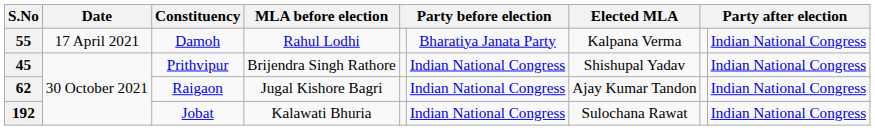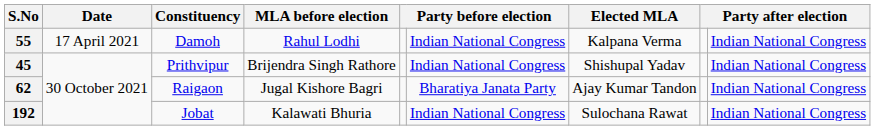 <table class="wikitable sortable" style="text-align:center;">
 <tr>
 <th>S.No</th>
 <th>Date</th>
 <th>Constituency</th>
 <th>MLA before election</th>
 <th colspan="2">Party before election</th>
 <th>Elected MLA</th>
 <th colspan="2">Party after election</th>
 </tr>
 <tr>
 <th>55</th>
 <td>17 April 2021</td>
 <td><a href='#'>Damoh</a></td>
 <td><a href='#'>Rahul Lodhi</a></td>
 <td></td>
-<td><a href='#'>Bharatiya Janata Party</a></td>
+<td><a href='#'>Indian National Congress</a></td>
 <td>Kalpana Verma</td>
 <td></td>
 <td><a href='#'>Indian National Congress</a></td>
 </tr>
 <tr>
 <th>45</th>
 <td rowspan="3">30 October 2021</td>
 <td><a href='#'>Prithvipur</a></td>
 <td>Brijendra Singh Rathore</td>
 <td></td>
 <td><a href='#'>Indian National Congress</a></td>
 <td>Shishupal Yadav</td>
 <td></td>
 <td><a href='#'>Indian National Congress</a></td>
 </tr>
 <tr>
 <th>62</th>
 <td><a href='#'>Raigaon</a></td>
 <td>Jugal Kishore Bagri</td>
 <td></td>
-<td><a href='#'>Indian National Congress</a></td>
+<td><a href='#'>Bharatiya Janata Party</a></td>
 <td>Ajay Kumar Tandon</td>
 <td></td>
 <td><a href='#'>Indian National Congress</a></td>
 </tr>
 <tr>
 <th>192</th>
 <td><a href='#'>Jobat</a></td>
 <td>Kalawati Bhuria</td>
 <td></td>
 <td><a href='#'>Indian National Congress</a></td>
 <td>Sulochana Rawat</td>
 <td></td>
 <td><a href='#'>Indian National Congress</a></td>
 </tr>
 </table>
